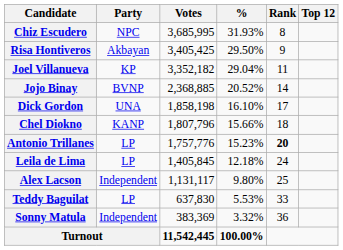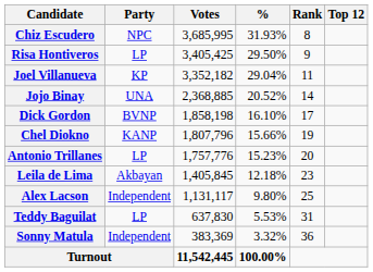 <table class="wikitable sortable" style="text-align:center;font-size:100%;">
 <tr>
 <th>Candidate</th>
 <th>Party</th>
 <th>Votes</th>
 <th>%</th>
 <th>Rank</th>
 <th class="unsortable">Top 12</th>
 </tr>
 <tr>
 <th><a href='#'>Chiz Escudero</a></th>
 <td><a href='#'>NPC</a></td>
 <td style="text-align:right;">3,685,995</td>
 <td style="text-align:right;">31.93%</td>
 <td>8</td>
 <td></td>
 </tr>
 <tr>
 <th><a href='#'>Risa Hontiveros</a></th>
-<td><a href='#'>Akbayan</a></td>
+<td><a href='#'>LP</a></td>
 <td style="text-align:right;">3,405,425</td>
 <td style="text-align:right;">29.50%</td>
 <td>9</td>
 <td></td>
 </tr>
 <tr>
 <th><a href='#'>Joel Villanueva</a></th>
 <td><a href='#'>KP</a></td>
 <td style="text-align:right;">3,352,182</td>
 <td style="text-align:right;">29.04%</td>
 <td>11</td>
 <td></td>
 </tr>
 <tr>
 <th><a href='#'>Jojo Binay</a></th>
-<td><a href='#'>BVNP</a></td>
+<td><a href='#'>UNA</a></td>
 <td style="text-align:right;">2,368,885</td>
 <td style="text-align:right;">20.52%</td>
 <td>14</td>
 <td></td>
 </tr>
 <tr>
 <th><a href='#'>Dick Gordon</a></th>
-<td><a href='#'>UNA</a></td>
+<td><a href='#'>BVNP</a></td>
 <td style="text-align:right;">1,858,198</td>
 <td style="text-align:right;">16.10%</td>
 <td>17</td>
 <td></td>
 </tr>
 <tr>
 <th><a href='#'>Chel Diokno</a></th>
 <td><a href='#'>KANP</a></td>
 <td style="text-align:right;">1,807,796</td>
 <td style="text-align:right;">15.66%</td>
-<td>18</td>
+<td>19</td>
 <td></td>
 </tr>
 <tr>
 <th><a href='#'>Antonio Trillanes</a></th>
 <td><a href='#'>LP</a></td>
 <td style="text-align:right;">1,757,776</td>
 <td style="text-align:right;">15.23%</td>
-<td><strong>20</strong></td>
+<td>20</td>
 <td></td>
 </tr>
 <tr>
 <th><a href='#'>Leila de Lima</a></th>
-<td><a href='#'>LP</a></td>
+<td><a href='#'>Akbayan</a></td>
 <td style="text-align:right;">1,405,845</td>
 <td style="text-align:right;">12.18%</td>
-<td>24</td>
+<td>23</td>
 <td></td>
 </tr>
 <tr>
 <th><a href='#'>Alex Lacson</a></th>
 <td><a href='#'>Independent</a></td>
 <td style="text-align:right;">1,131,117</td>
 <td style="text-align:right;">9.80%</td>
 <td>25</td>
 <td></td>
 </tr>
 <tr>
 <th><a href='#'>Teddy Baguilat</a></th>
 <td><a href='#'>LP</a></td>
 <td style="text-align:right;">637,830</td>
 <td style="text-align:right;">5.53%</td>
-<td>33</td>
+<td>31</td>
 <td></td>
 </tr>
 <tr>
 <th><a href='#'>Sonny Matula</a></th>
 <td><a href='#'>Independent</a></td>
 <td style="text-align:right;">383,369</td>
 <td style="text-align:right;">3.32%</td>
 <td>36</td>
 <td></td>
 </tr>
 <tr>
 <th colspan="2">Turnout</th>
 <td style="text-align:right;"><strong>11,542,445</strong></td>
 <td style="text-align:right;"><strong>100.00%</strong></td>
 <td colspan="2"></td>
 </tr>
 </table>
